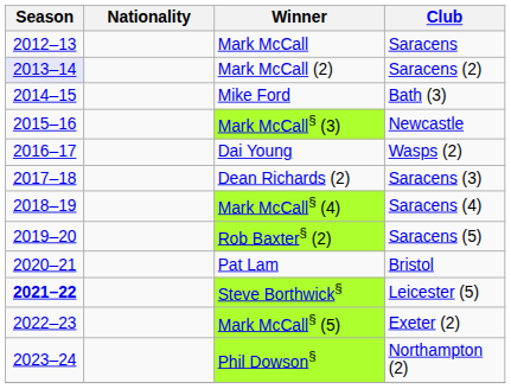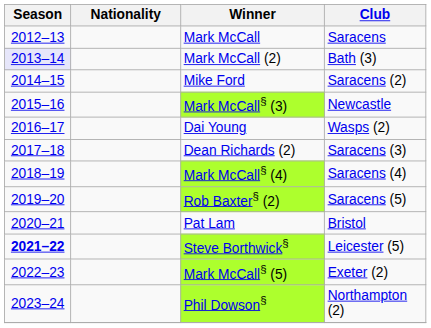 <table class="wikitable plainrowheaders">
 <tr>
 <th width=70>Season</th>
 <th width=120>Nationality</th>
 <th width=160>Winner</th>
 <th width=110><a href='#'>Club</a></th>
 </tr>
 <tr>
 <td align=center><a href='#'>2012–13</a></td>
 <td></td>
 <td><a href='#'>Mark McCall</a></td>
 <td><a href='#'>Saracens</a></td>
 </tr>
 <tr>
 <td align=center style="background: lavender;"><a href='#'>2013–14</a></td>
 <td></td>
 <td><a href='#'>Mark McCall</a> (2)</td>
-<td><a href='#'>Saracens</a> (2)</td>
+<td><a href='#'>Bath</a> (3)</td>
 </tr>
 <tr>
 <td align=center><a href='#'>2014–15</a></td>
 <td></td>
 <td><a href='#'>Mike Ford</a></td>
-<td><a href='#'>Bath</a> (3)</td>
+<td><a href='#'>Saracens</a> (2)</td>
 </tr>
 <tr>
 <td align=center><a href='#'>2015–16</a></td>
 <td></td>
 <td style="background:#ADFF2D"><a href='#'>Mark McCall</a><sup>§</sup> (3)</td>
 <td><a href='#'>Newcastle</a></td>
 </tr>
 <tr>
 <td align=center><a href='#'>2016–17</a></td>
 <td></td>
 <td><a href='#'>Dai Young</a></td>
 <td><a href='#'>Wasps</a> (2)</td>
 </tr>
 <tr>
 <td align=center><a href='#'>2017–18</a></td>
 <td></td>
 <td><a href='#'>Dean Richards</a> (2)</td>
 <td><a href='#'>Saracens</a> (3)</td>
 </tr>
 <tr>
 <td align=center><a href='#'>2018–19</a></td>
 <td></td>
 <td style="background:#ADFF2D"><a href='#'>Mark McCall</a><sup>§</sup> (4)</td>
 <td><a href='#'>Saracens</a> (4)</td>
 </tr>
 <tr>
 <td align=center><a href='#'>2019–20</a></td>
 <td></td>
 <td style="background:#ADFF2D"><a href='#'>Rob Baxter</a><sup>§</sup> (2)</td>
 <td><a href='#'>Saracens</a> (5)</td>
 </tr>
 <tr>
 <td align=center><a href='#'>2020–21</a></td>
 <td></td>
 <td><a href='#'>Pat Lam</a></td>
 <td><a href='#'>Bristol</a></td>
 </tr>
 <tr>
 <td align=center><strong><a href='#'>2021–22</a></strong></td>
 <td></td>
 <td style="background:#ADFF2D"><a href='#'>Steve Borthwick</a><sup>§</sup></td>
 <td><a href='#'>Leicester</a> (5)</td>
 </tr>
 <tr>
 <td align=center><a href='#'>2022–23</a></td>
 <td></td>
 <td style="background:#ADFF2D"><a href='#'>Mark McCall</a><sup>§</sup> (5)</td>
 <td><a href='#'>Exeter</a> (2)</td>
 </tr>
 <tr>
 <td align=center><a href='#'>2023–24</a></td>
 <td></td>
 <td style="background:#ADFF2D"><a href='#'>Phil Dowson</a><sup>§</sup></td>
 <td><a href='#'>Northampton</a> (2)</td>
 </tr>
 <tr>
 </tr>
 </table>
